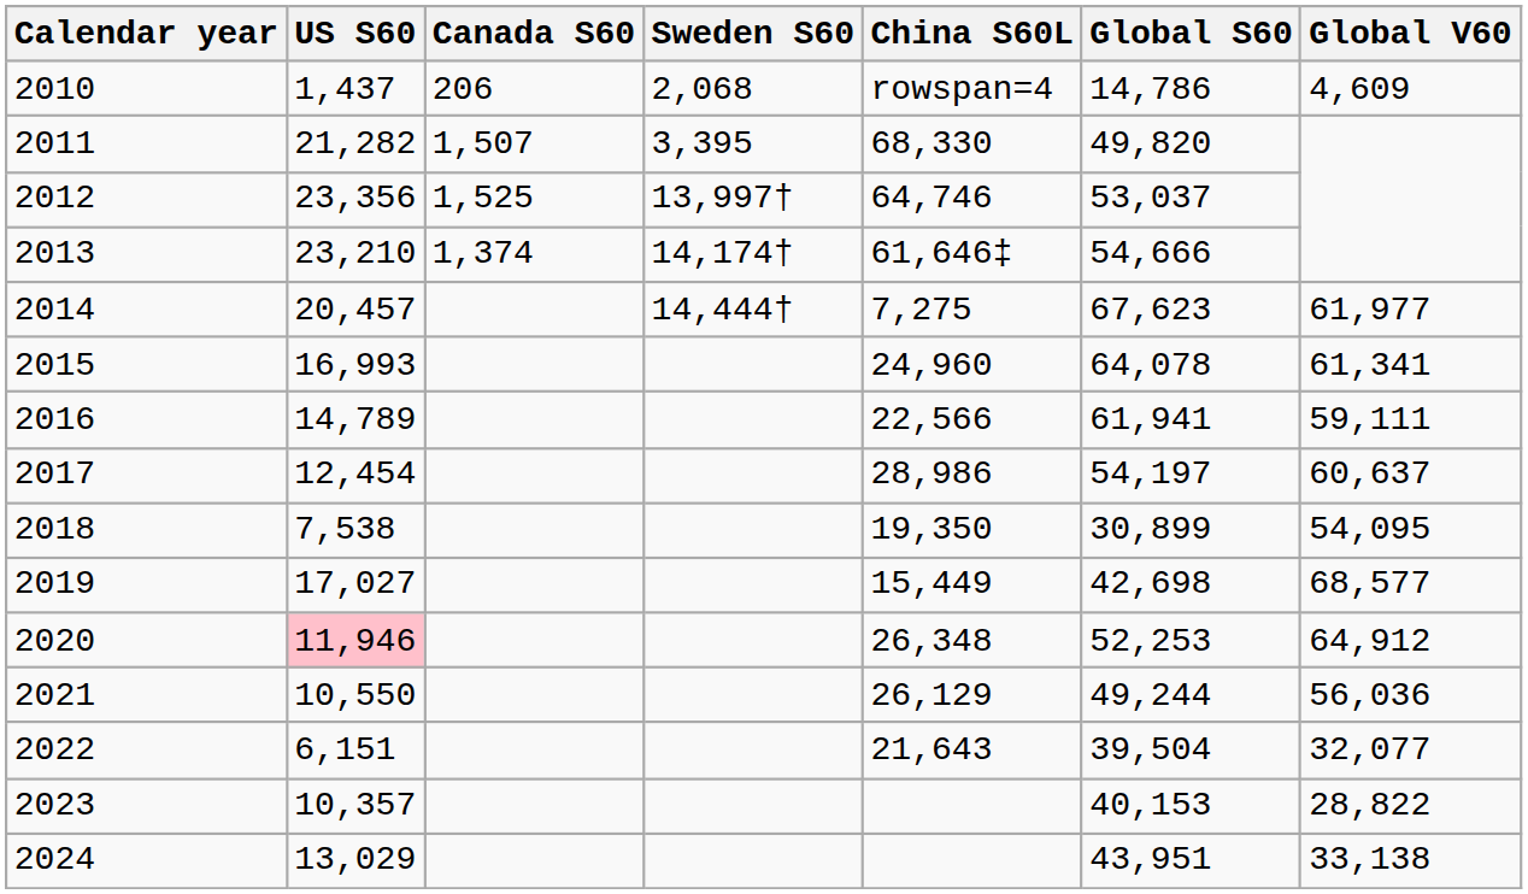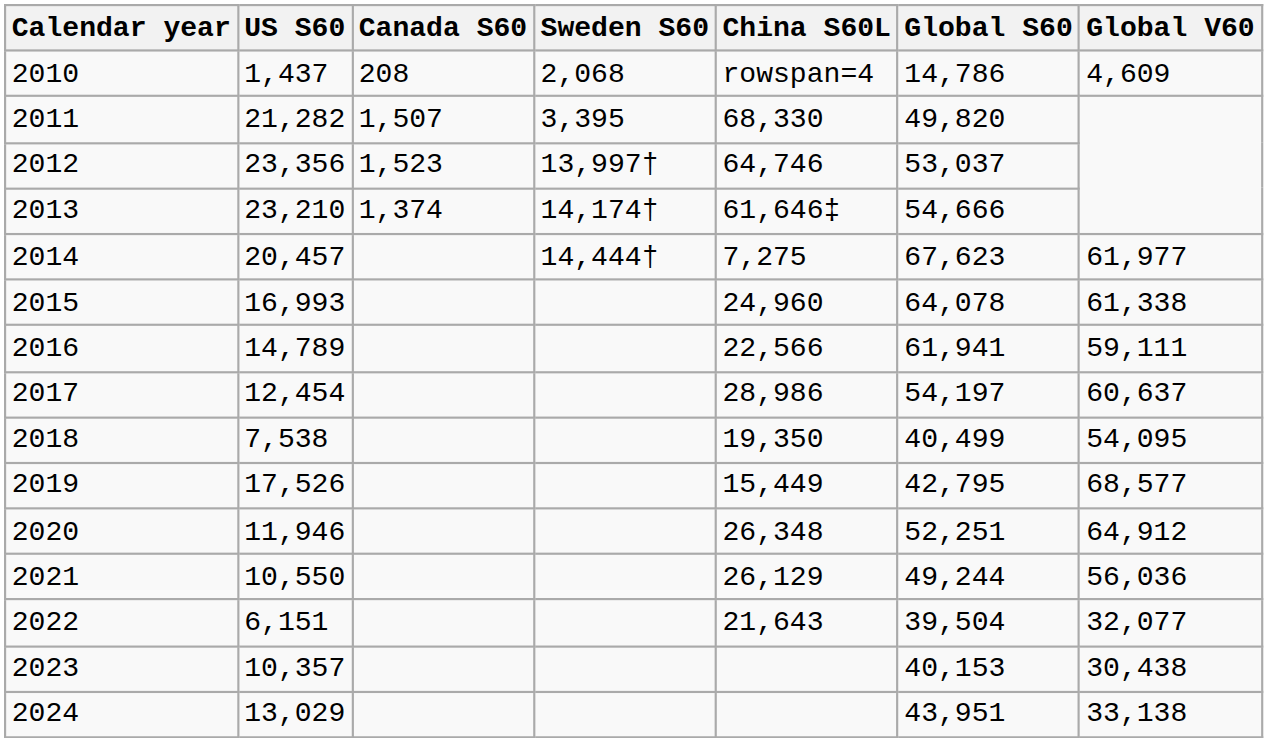 <table class="wikitable">
 <tr>
 <th>Calendar year</th>
 <th>US S60</th>
 <th>Canada S60</th>
 <th>Sweden S60</th>
 <th>China S60L</th>
 <th>Global S60</th>
 <th>Global V60</th>
 </tr>
 <tr>
 <td>2010</td>
 <td>1,437</td>
-<td>206</td>
+<td>208</td>
 <td>2,068</td>
 <td>rowspan=4 </td>
 <td>14,786</td>
 <td>4,609</td>
 </tr>
 <tr>
 <td>2011</td>
 <td>21,282</td>
 <td>1,507</td>
 <td>3,395</td>
 <td>68,330</td>
 <td>49,820</td>
 </tr>
 <tr>
 <td>2012</td>
 <td>23,356</td>
-<td>1,525</td>
+<td>1,523</td>
 <td>13,997†</td>
 <td>64,746</td>
 <td>53,037</td>
 </tr>
 <tr>
 <td>2013</td>
 <td>23,210</td>
 <td>1,374</td>
 <td>14,174†</td>
 <td>61,646‡</td>
 <td>54,666</td>
 </tr>
 <tr>
 <td>2014</td>
 <td>20,457</td>
 <td></td>
 <td>14,444†</td>
 <td>7,275</td>
 <td>67,623</td>
 <td>61,977</td>
 </tr>
 <tr>
 <td>2015</td>
 <td>16,993</td>
 <td></td>
 <td></td>
 <td>24,960</td>
 <td>64,078</td>
-<td>61,341</td>
+<td>61,338</td>
 </tr>
 <tr>
 <td>2016</td>
 <td>14,789</td>
 <td></td>
 <td></td>
 <td>22,566</td>
 <td>61,941</td>
 <td>59,111</td>
 </tr>
 <tr>
 <td>2017</td>
 <td>12,454</td>
 <td></td>
 <td></td>
 <td>28,986</td>
 <td>54,197</td>
 <td>60,637</td>
 </tr>
 <tr>
 <td>2018</td>
 <td>7,538</td>
 <td></td>
 <td></td>
 <td>19,350</td>
-<td>30,899</td>
+<td>40,499</td>
 <td>54,095</td>
 </tr>
 <tr>
 <td>2019</td>
-<td>17,027</td>
+<td>17,526</td>
 <td></td>
 <td></td>
 <td>15,449</td>
-<td>42,698</td>
+<td>42,795</td>
 <td>68,577</td>
 </tr>
 <tr>
 <td>2020</td>
-<td style="background: pink;">11,946</td>
+<td>11,946</td>
 <td></td>
 <td></td>
 <td>26,348</td>
-<td>52,253</td>
+<td>52,251</td>
 <td>64,912</td>
 </tr>
 <tr>
 <td>2021</td>
 <td>10,550</td>
 <td></td>
 <td></td>
 <td>26,129</td>
 <td>49,244</td>
 <td>56,036</td>
 </tr>
 <tr>
 <td>2022</td>
 <td>6,151</td>
 <td></td>
 <td></td>
 <td>21,643</td>
 <td>39,504</td>
 <td>32,077</td>
 </tr>
 <tr>
 <td>2023</td>
 <td>10,357</td>
 <td></td>
 <td></td>
 <td></td>
 <td>40,153</td>
-<td>28,822</td>
+<td>30,438</td>
 </tr>
 <tr>
 <td>2024</td>
 <td>13,029</td>
 <td></td>
 <td></td>
 <td></td>
 <td>43,951</td>
 <td>33,138</td>
 </tr>
 </table>
